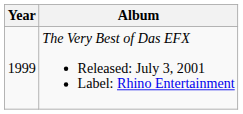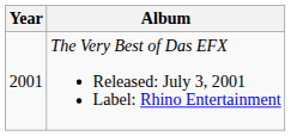 <table class="wikitable" style="text-align:center;">
 <tr>
 <th>Year</th>
 <th>Album</th>
 </tr>
 <tr>
-<td>1999</td>
+<td>2001</td>
 <td align="left"><em>The Very Best of Das EFX</em><br><ul><li>Released: July 3, 2001</li><li>Label: <a href='#'>Rhino Entertainment</a></li></ul></td>
 </tr>
 </table>
